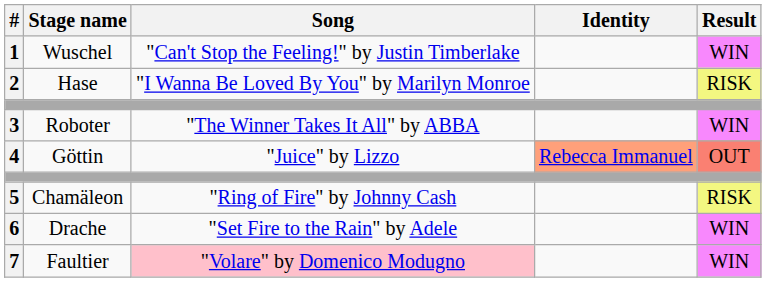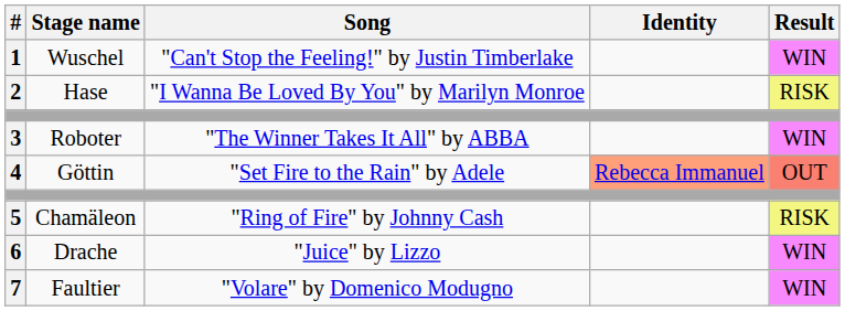 <table class="wikitable plainrowheaders" style="text-align: center;">
 <tr>
 <th>#</th>
 <th>Stage name</th>
 <th>Song</th>
 <th>Identity</th>
 <th>Result</th>
 </tr>
 <tr>
 <th>1</th>
 <td>Wuschel</td>
 <td>"<a href='#'>Can't Stop the Feeling!</a>" by <a href='#'>Justin Timberlake</a></td>
 <td></td>
 <td bgcolor="#F888FD">WIN</td>
 </tr>
 <tr>
 <th>2</th>
 <td>Hase</td>
 <td>"<a href='#'>I Wanna Be Loved By You</a>" by <a href='#'>Marilyn Monroe</a></td>
 <td></td>
 <td bgcolor="#F3F781">RISK</td>
 </tr>
 <tr>
 <td colspan="5" style="background:darkgray"></td>
 </tr>
 <tr kakerlake left>
 <th>3</th>
 <td>Roboter</td>
 <td>"<a href='#'>The Winner Takes It All</a>" by <a href='#'>ABBA</a></td>
 <td></td>
 <td bgcolor="#F888FD">WIN</td>
 </tr>
 <tr>
 <th>4</th>
 <td>Göttin</td>
-<td>"<a href='#'>Juice</a>" by <a href='#'>Lizzo</a></td>
+<td>"<a href='#'>Set Fire to the Rain</a>" by <a href='#'>Adele</a></td>
 <td style="background: lightsalmon;"><a href='#'>Rebecca Immanuel</a></td>
 <td bgcolor=salmon>OUT</td>
 </tr>
 <tr>
 <td colspan="5" style="background:darkgray"></td>
 </tr>
 <tr>
 <th>5</th>
 <td>Chamäleon</td>
 <td>"<a href='#'>Ring of Fire</a>" by <a href='#'>Johnny Cash</a></td>
 <td></td>
 <td bgcolor="#F3F781">RISK</td>
 </tr>
 <tr>
 <th>6</th>
 <td>Drache</td>
-<td>"<a href='#'>Set Fire to the Rain</a>" by <a href='#'>Adele</a></td>
+<td>"<a href='#'>Juice</a>" by <a href='#'>Lizzo</a></td>
 <td></td>
 <td bgcolor="#F888FD">WIN</td>
 </tr>
 <tr>
 <th>7</th>
 <td>Faultier</td>
-<td style="background: pink;">"<a href='#'>Volare</a>" by <a href='#'>Domenico Modugno</a></td>
+<td>"<a href='#'>Volare</a>" by <a href='#'>Domenico Modugno</a></td>
 <td></td>
 <td bgcolor="#F888FD">WIN</td>
 </tr>
 </table>
